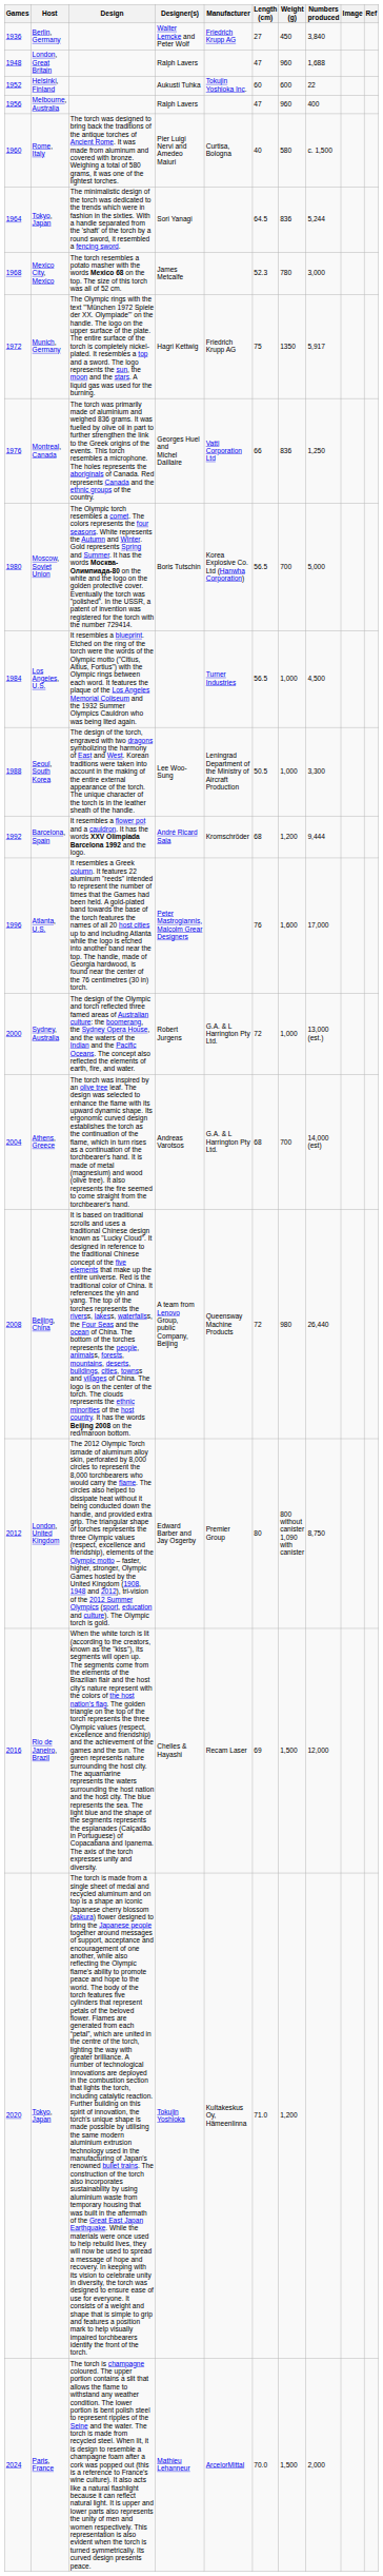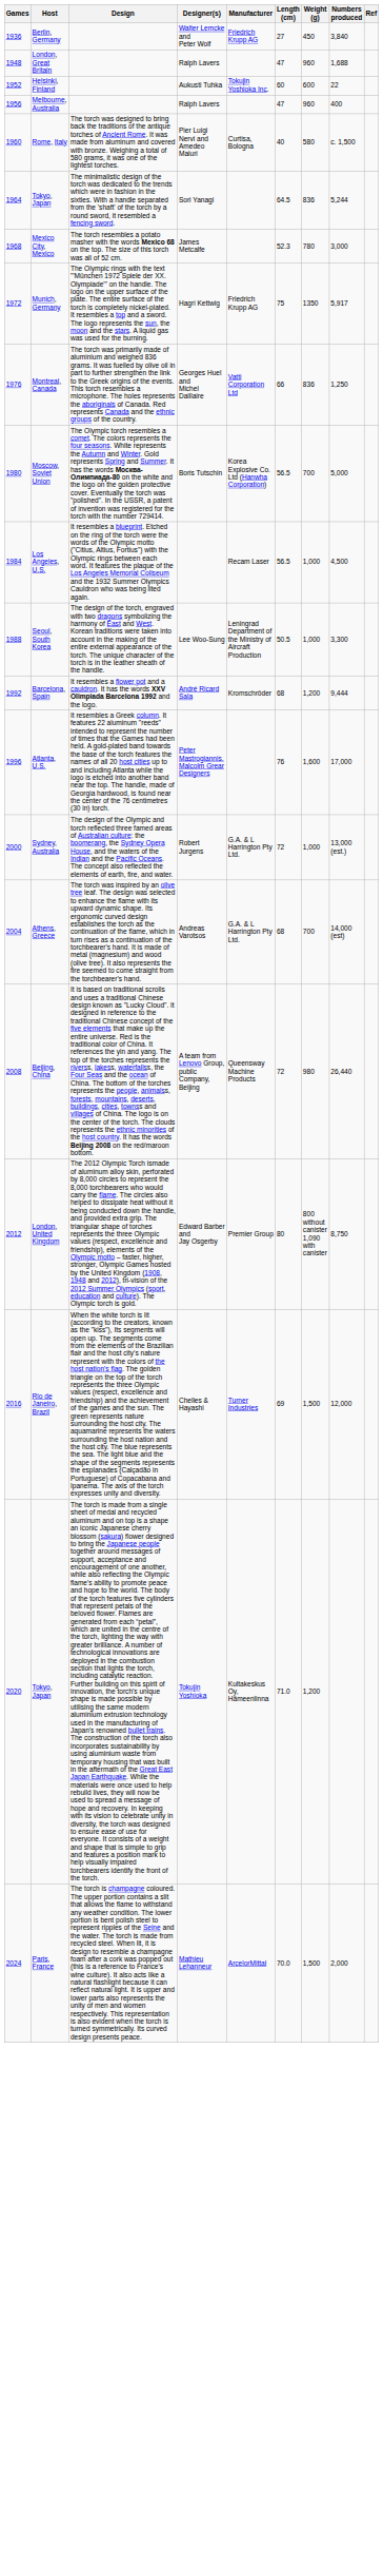 <table class="wikitable sortable">
 <tr>
 <th scope="col">Games</th>
 <th scope="col">Host</th>
 <th scope="col">Design</th>
 <th scope="col">Designer(s)</th>
 <th scope="col">Manufacturer</th>
 <th scope="col">Length<br>(cm)</th>
 <th scope="col">Weight<br>(g)</th>
 <th scope="col">Numbers produced</th>
-<th scope="col">Image</th>
 <th scope="col">Ref</th>
 </tr>
 <tr>
 <td><a href='#'>1936</a></td>
 <td><a href='#'>Berlin</a>, <a href='#'>Germany</a></td>
 <td></td>
 <td><a href='#'>Walter Lemcke</a> and <br>Peter Wolf</td>
 <td><a href='#'>Friedrich Krupp AG</a></td>
 <td>27</td>
 <td>450</td>
 <td>3,840</td>
 <td></td>
-<td></td>
 </tr>
 <tr>
 <td><a href='#'>1948</a></td>
 <td><a href='#'>London</a>, <a href='#'>Great Britain</a></td>
 <td></td>
 <td>Ralph Lavers</td>
 <td></td>
 <td>47</td>
 <td>960</td>
 <td>1,688</td>
-<td></td>
 <td></td>
 </tr>
 <tr>
 <td><a href='#'>1952</a></td>
 <td><a href='#'>Helsinki</a>, <a href='#'>Finland</a></td>
 <td></td>
 <td>Aukusti Tuhka</td>
 <td><a href='#'>Tokujin Yoshioka Inc</a>.</td>
 <td>60</td>
 <td>600</td>
 <td>22</td>
 <td></td>
-<td></td>
 </tr>
 <tr>
 <td><a href='#'>1956</a></td>
 <td><a href='#'>Melbourne</a>, <a href='#'>Australia</a></td>
 <td></td>
 <td>Ralph Lavers</td>
 <td></td>
 <td>47</td>
 <td>960</td>
 <td>400</td>
-<td></td>
 <td></td>
 </tr>
 <tr>
 <td><a href='#'>1960</a></td>
 <td><a href='#'>Rome</a>, <a href='#'>Italy</a></td>
 <td>The torch was designed to bring back the traditions of the antique torches of <a href='#'>Ancient Rome</a>. It was made from aluminum and covered with bronze. Weighing a total of 580 grams, it was one of the lightest torches.</td>
 <td>Pier Luigi Nervi and Amedeo Maiuri</td>
 <td>Curtisa, Bologna</td>
 <td>40</td>
 <td>580</td>
 <td>c. 1,500</td>
 <td></td>
-<td></td>
 </tr>
 <tr>
 <td><a href='#'>1964</a></td>
 <td><a href='#'>Tokyo</a>, <a href='#'>Japan</a></td>
 <td>The minimalistic design of the torch was dedicated to the trends which were in fashion in the sixties. With a handle separated from the 'shaft' of the torch by a round sword, it resembled a <a href='#'>fencing sword</a>.</td>
 <td>Sori Yanagi</td>
 <td></td>
 <td>64.5</td>
 <td>836</td>
 <td>5,244</td>
 <td></td>
-<td></td>
 </tr>
 <tr>
 <td><a href='#'>1968</a></td>
 <td><a href='#'>Mexico City</a>, <a href='#'>Mexico</a></td>
 <td>The torch resembles a potato masher with the words <strong>Mexico 68</strong> on the top. The size of this torch was all of 52 cm.</td>
 <td>James Metcalfe</td>
 <td></td>
 <td>52.3</td>
 <td>780</td>
 <td>3,000</td>
-<td><br></td>
 <td></td>
 </tr>
 <tr>
 <td><a href='#'>1972</a></td>
 <td><a href='#'>Munich</a>, <a href='#'>Germany</a></td>
 <td>The Olympic rings with the text "'München 1972 Spiele der XX. Olympiade'" on the handle. The logo on the upper surface of the plate. The entire surface of the torch is completely nickel-plated. It resembles a <a href='#'>top</a> and a sword. The logo represents the <a href='#'>sun</a>, the <a href='#'>moon</a> and the <a href='#'>stars</a>. A liquid gas was used for the burning.</td>
 <td>Hagri Kettwig</td>
 <td>Friedrich Krupp AG</td>
 <td>75</td>
 <td>1350</td>
 <td>5,917</td>
 <td></td>
-<td></td>
 </tr>
 <tr>
 <td><a href='#'>1976</a></td>
 <td><a href='#'>Montreal</a>, <a href='#'>Canada</a></td>
 <td>The torch was primarily made of aluminium and weighed 836 grams. It was fuelled by olive oil in part to further strengthen the link to the Greek origins of the events. This torch resembles a microphone. The holes represents the <a href='#'>aboriginals</a> of Canada. Red represents <a href='#'>Canada</a> and the <a href='#'>ethnic groups</a> of the country.</td>
 <td>Georges Huel and <br>Michel Daillaire</td>
 <td><a href='#'>Vatti Corporation Ltd</a></td>
 <td>66</td>
 <td>836</td>
 <td>1,250</td>
-<td></td>
 <td></td>
 </tr>
 <tr>
 <td><a href='#'>1980</a></td>
 <td><a href='#'>Moscow</a>, <a href='#'>Soviet Union</a></td>
 <td>The Olympic torch resembles a <a href='#'>comet</a>. The colors represents the <a href='#'>four seasons</a>. White represents the <a href='#'>Autumn</a> and <a href='#'>Winter</a>. Gold represents <a href='#'>Spring</a> and <a href='#'>Summer</a>. It has the words <strong>Москва-Олимпиада-80</strong> on the white and the logo on the golden protective cover. Eventually the torch was "polished". In the USSR, a patent of invention was registered for the torch with the number 729414.</td>
 <td>Boris Tutschin</td>
 <td>Korea Explosive Co. Ltd (<a href='#'>Hanwha Corporation</a>)</td>
 <td>56.5</td>
 <td>700</td>
 <td>5,000</td>
 <td></td>
-<td></td>
 </tr>
 <tr>
 <td><a href='#'>1984</a></td>
 <td><a href='#'>Los Angeles</a>, <a href='#'>U.S.</a></td>
 <td>It resembles a <a href='#'>blueprint</a>. Etched on the ring of the torch were the words of the Olympic motto ("Citius, Altius, Fortius") with the Olympic rings between each word. It features the plaque of the <a href='#'>Los Angeles Memorial Coliseum</a> and the 1932 Summer Olympics Cauldron who was being lited again.</td>
 <td></td>
-<td><a href='#'>Turner Industries</a></td>
+<td>Recam Laser</td>
 <td>56.5</td>
 <td>1,000</td>
 <td>4,500</td>
-<td></td>
 <td></td>
 </tr>
 <tr>
 <td><a href='#'>1988</a></td>
 <td><a href='#'>Seoul</a>, <a href='#'>South Korea</a></td>
 <td>The design of the torch, engraved with two <a href='#'>dragons</a> symbolizing the harmony of <a href='#'>East</a> and <a href='#'>West</a>. Korean traditions were taken into account in the making of the entire external appearance of the torch. The unique character of the torch is in the leather sheath of the handle.</td>
 <td>Lee Woo-Sung</td>
 <td>Leningrad Department of the Ministry of Aircraft Production</td>
 <td>50.5</td>
 <td>1,000</td>
 <td>3,300</td>
 <td></td>
-<td></td>
 </tr>
 <tr>
 <td><a href='#'>1992</a></td>
 <td><a href='#'>Barcelona</a>, <a href='#'>Spain</a></td>
 <td>It resembles a <a href='#'>flower pot</a> and a <a href='#'>cauldron</a>. It has the words <strong>XXV Olimpiada Barcelona 1992</strong> and the logo.</td>
 <td><a href='#'>André Ricard Sala</a></td>
 <td>Kromschröder</td>
 <td>68</td>
 <td>1,200</td>
 <td>9,444 </td>
-<td></td>
 <td></td>
 </tr>
 <tr>
 <td><a href='#'>1996</a></td>
 <td><a href='#'>Atlanta</a>, <a href='#'>U.S.</a></td>
 <td>It resembles a Greek <a href='#'>column</a>. It features 22 aluminum "reeds" intended to represent the number of times that the Games had been held. A gold-plated band towards the base of the torch features the names of all 20 <a href='#'>host cities</a> up to and including Atlanta while the logo is etched into another band near the top. The handle, made of Georgia hardwood, is found near the center of the 76 centimetres (30 in) torch.</td>
 <td><a href='#'>Peter Mastrogiannis, Malcolm Grear Designers</a></td>
 <td></td>
 <td>76</td>
 <td>1,600</td>
 <td>17,000</td>
 <td></td>
-<td></td>
 </tr>
 <tr>
 <td><a href='#'>2000</a></td>
 <td><a href='#'>Sydney</a>, <a href='#'>Australia</a></td>
 <td>The design of the Olympic and torch reflected three famed areas of <a href='#'>Australian culture</a>: the <a href='#'>boomerang</a>, the <a href='#'>Sydney Opera House</a>, and the waters of the <a href='#'>Indian</a> and the <a href='#'>Pacific Oceans</a>. The concept also reflected the elements of earth, fire, and water.</td>
 <td>Robert Jurgens</td>
 <td>G.A. & L Harrington Pty Ltd.</td>
 <td>72</td>
 <td>1,000</td>
 <td>13,000 (est.)</td>
-<td></td>
 <td></td>
 </tr>
 <tr>
 <td><a href='#'>2004</a></td>
 <td><a href='#'>Athens</a>, <a href='#'>Greece</a></td>
 <td>The torch was inspired by an <a href='#'>olive tree</a> leaf. The design was selected to enhance the flame with its upward dynamic shape. Its ergonomic curved design establishes the torch as the continuation of the flame, which in turn rises as a continuation of the torchbearer's hand. It is made of metal (magnesium) and wood (olive tree). It also represents the fire seemed to come straight from the torchbearer's hand.</td>
 <td>Andreas Varotsos</td>
 <td>G.A. & L Harrington Pty Ltd.</td>
 <td>68</td>
 <td>700</td>
 <td>14,000 (est)</td>
 <td></td>
-<td></td>
 </tr>
 <tr>
 <td><a href='#'>2008</a></td>
 <td><a href='#'>Beijing</a>, <a href='#'>China</a></td>
 <td>It is based on traditional scrolls and uses a traditional Chinese design known as "Lucky Cloud". It designed in reference to the traditional Chinese concept of the <a href='#'>five elements</a> that make up the entire universe. Red is the traditional color of China. It references the yin and yang. The top of the torches represents the <a href='#'>rivers</a>s, <a href='#'>lakes</a>s, <a href='#'>waterfalls</a>s, the <a href='#'>Four Seas</a> and the <a href='#'>ocean</a> of China. The bottom of the torches represents the <a href='#'>people</a>, <a href='#'>animals</a>s, <a href='#'>forests</a>, <a href='#'>mountains</a>, <a href='#'>deserts</a>, <a href='#'>buildings</a>, <a href='#'>cities</a>, <a href='#'>towns</a>s and <a href='#'>villages</a> of China. The logo is on the center of the torch. The clouds represents the <a href='#'>ethnic minorities</a> of the <a href='#'>host country</a>. It has the words <strong>Beijing 2008</strong> on the red/maroon bottom.</td>
 <td>A team from <a href='#'>Lenovo</a> Group, <br>public Company, Beijing</td>
 <td>Queensway Machine Products</td>
 <td>72</td>
 <td>980</td>
 <td>26,440</td>
-<td></td>
 <td></td>
 </tr>
 <tr>
 <td><a href='#'>2012</a></td>
 <td><a href='#'>London</a>, <a href='#'>United Kingdom</a></td>
 <td>The 2012 Olympic Torch ismade of aluminum alloy skin, perforated by 8,000 circles to represent the 8,000 torchbearers who would carry the <a href='#'>flame</a>. The circles also helped to dissipate heat without it being conducted down the handle, and provided extra grip. The triangular shape of torches represents the three Olympic values (respect, excellence and friendship), elements of the <a href='#'>Olympic motto</a> – faster, higher, stronger, Olympic Games hosted by the United Kingdom (<a href='#'>1908</a>, <a href='#'>1948</a> and <a href='#'>2012</a>), tri-vision of the <a href='#'>2012 Summer Olympics</a> (<a href='#'>sport</a>, <a href='#'>education</a> and <a href='#'>culture</a>). The Olympic torch is gold.</td>
 <td>Edward Barber and <br>Jay Osgerby</td>
 <td>Premier Group</td>
 <td>80</td>
 <td>800 without canister<br>1,090 with canister</td>
 <td>8,750</td>
 <td></td>
-<td></td>
 </tr>
 <tr>
 <td><a href='#'>2016</a></td>
 <td><a href='#'>Rio de Janeiro</a>, <a href='#'>Brazil</a></td>
 <td>When the white torch is lit (according to the creators, known as the "kiss"), Its segments will open up. The segments come from the elements of the Brazilian flair and the host city's nature represent with the colors of <a href='#'>the host nation's flag</a>. The golden triangle on the top of the torch represents the three Olympic values (respect, excellence and friendship) and the achievement of the games and the sun. The green represents nature surrounding the host city. The aquamarine represents the waters surrounding the host nation and the host city. The blue represents the sea. The light blue and the shape of the segments represents the esplanades (Calçadão in Portuguese) of Copacabana and Ipanema. The axis of the torch expresses unity and diversity.</td>
 <td>Chelles & Hayashi</td>
-<td>Recam Laser</td>
+<td><a href='#'>Turner Industries</a></td>
 <td>69</td>
 <td>1,500</td>
 <td>12,000</td>
-<td></td>
 <td></td>
 </tr>
 <tr>
 <td><a href='#'>2020</a></td>
 <td><a href='#'>Tokyo</a>, <a href='#'>Japan</a></td>
 <td>The torch is made from a single sheet of medal and recycled aluminum and on top is a shape an iconic Japanese cherry blossom (<a href='#'>sakura</a>) flower designed to bring the <a href='#'>Japanese people</a> together around messages of support, acceptance and encouragement of one another, while also reflecting the Olympic flame's ability to promote peace and hope to the world. The body of the torch features five cylinders that represent petals of the beloved flower. Flames are generated from each “petal”, which are united in the centre of the torch, lighting the way with greater brilliance. A number of technological innovations are deployed in the combustion section that lights the torch, including catalytic reaction. Further building on this spirit of innovation, the torch's unique shape is made possible by utilising the same modern aluminium extrusion technology used in the manufacturing of Japan's renowned <a href='#'>bullet trains</a>. The construction of the torch also incorporates sustainability by using aluminium waste from temporary housing that was built in the aftermath of the <a href='#'>Great East Japan Earthquake</a>. While the materials were once used to help rebuild lives, they will now be used to spread a message of hope and recovery. In keeping with its vision to celebrate unity in diversity, the torch was designed to ensure ease of use for everyone. It consists of a weight and shape that is simple to grip and features a position mark to help visually impaired torchbearers identify the front of the torch.</td>
 <td><a href='#'>Tokujin Yoshioka</a></td>
 <td>Kultakeskus Oy, Hämeenlinna</td>
 <td>71.0</td>
 <td>1,200</td>
-<td></td>
 <td></td>
 <td></td>
 </tr>
 <tr>
 <td><a href='#'>2024</a></td>
 <td><a href='#'>Paris</a>, <a href='#'>France</a></td>
 <td>The torch is <a href='#'>champagne</a> coloured. The upper portion contains a slit that allows the flame to withstand any weather condition. The lower portion is bent polish steel to represent ripples of the <a href='#'>Seine</a> and the water. The torch is made from recycled steel. When lit, it is design to resemble a champagne foam after a cork was popped out (this is a reference to France's wine culture). It also acts like a natural flashlight because it can reflect natural light. It is upper and lower parts also represents the unity of men and women respectively. This representation is also evident when the torch is turned symmetrically. Its curved design presents peace.</td>
 <td><a href='#'>Mathieu Lehanneur</a></td>
 <td><a href='#'>ArcelorMittal</a></td>
 <td>70.0</td>
 <td>1,500</td>
 <td>2,000</td>
 <td></td>
-<td></td>
 </tr>
 </table>
